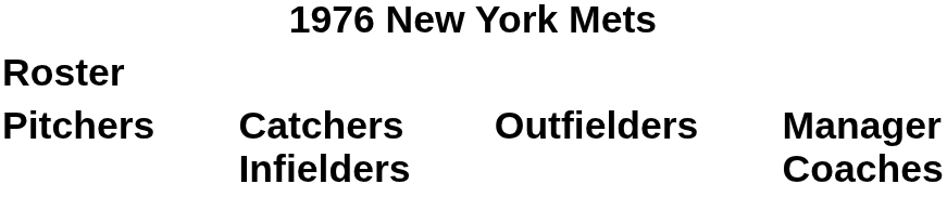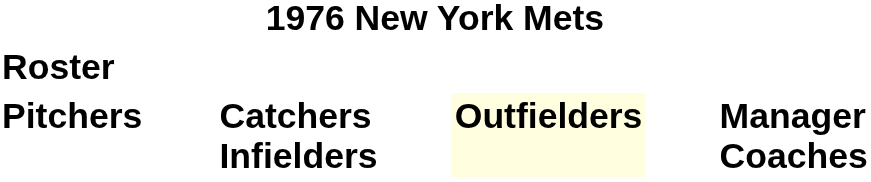 <table class="toccolours" style="font-size: 95%;">
 <tr>
 <th colspan="10">1976 New York Mets</th>
 </tr>
 <tr>
 <td colspan="10"><strong>Roster</strong></td>
 </tr>
 <tr>
 <td valign="top"><strong>Pitchers</strong><br>            </td>
 <td width="25px"></td>
 <td valign="top"><strong>Catchers</strong><br>    <strong>Infielders</strong>         </td>
 <td width="25px"></td>
-<td valign="top"><strong>Outfielders</strong><br>          </td>
+<td valign="top" style="background: lightyellow;"><strong>Outfielders</strong><br>          </td>
 <td width="25px"></td>
 <td valign="top"><strong>Manager</strong><br> <strong>Coaches</strong>     </td>
 </tr>
 </table>
